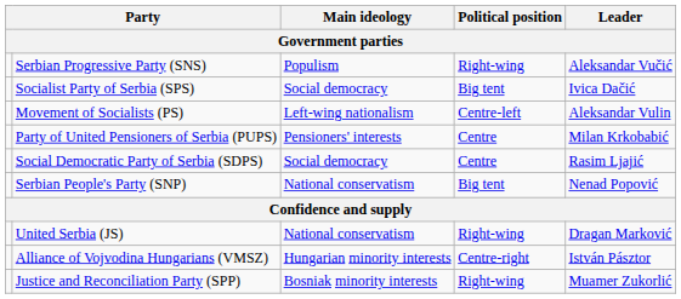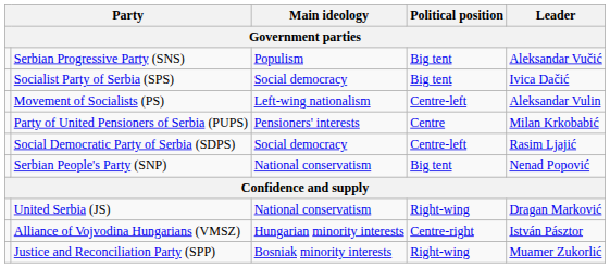 <table class="wikitable" style="font-size:95%">
 <tr>
 <th colspan="2">Party</th>
 <th>Main ideology</th>
 <th>Political position</th>
 <th>Leader</th>
 </tr>
 <tr>
 <th colspan="5">Government parties</th>
 </tr>
 <tr>
 <td style="background:"></td>
 <td><a href='#'>Serbian Progressive Party</a> (SNS)</td>
 <td><a href='#'>Populism</a></td>
-<td><a href='#'>Right-wing</a></td>
+<td><a href='#'>Big tent</a></td>
 <td><a href='#'>Aleksandar Vučić</a></td>
 </tr>
 <tr>
 <td style="background:"></td>
 <td><a href='#'>Socialist Party of Serbia</a> (SPS)</td>
 <td><a href='#'>Social democracy</a></td>
 <td><a href='#'>Big tent</a></td>
 <td><a href='#'>Ivica Dačić</a></td>
 </tr>
 <tr>
 <td style="background:"></td>
 <td><a href='#'>Movement of Socialists</a> (PS)</td>
 <td><a href='#'>Left-wing nationalism</a></td>
 <td><a href='#'>Centre-left</a></td>
 <td><a href='#'>Aleksandar Vulin</a></td>
 </tr>
 <tr>
 <td style="background:"></td>
 <td><a href='#'>Party of United Pensioners of Serbia</a> (PUPS)</td>
 <td><a href='#'>Pensioners' interests</a></td>
 <td><a href='#'>Centre</a></td>
 <td><a href='#'>Milan Krkobabić</a></td>
 </tr>
 <tr>
 <td style="background:"></td>
 <td><a href='#'>Social Democratic Party of Serbia</a> (SDPS)</td>
 <td><a href='#'>Social democracy</a></td>
-<td><a href='#'>Centre</a></td>
+<td><a href='#'>Centre-left</a></td>
 <td><a href='#'>Rasim Ljajić</a></td>
 </tr>
 <tr>
 <td style="background:"></td>
 <td><a href='#'>Serbian People's Party</a> (SNP)</td>
 <td><a href='#'>National conservatism</a></td>
 <td><a href='#'>Big tent</a></td>
 <td><a href='#'>Nenad Popović</a></td>
 </tr>
 <tr>
 <th colspan="5">Confidence and supply</th>
 </tr>
 <tr>
 <td style="background:"></td>
 <td><a href='#'>United Serbia</a> (JS)</td>
 <td><a href='#'>National conservatism</a></td>
 <td><a href='#'>Right-wing</a></td>
 <td><a href='#'>Dragan Marković</a></td>
 </tr>
 <tr>
 <td style="background:"></td>
 <td><a href='#'>Alliance of Vojvodina Hungarians</a> (VMSZ)</td>
 <td><a href='#'>Hungarian</a> <a href='#'>minority interests</a></td>
 <td><a href='#'>Centre-right</a></td>
 <td><a href='#'>István Pásztor</a></td>
 </tr>
 <tr>
 <td style="background:"></td>
 <td><a href='#'>Justice and Reconciliation Party</a> (SPP)</td>
 <td><a href='#'>Bosniak</a> <a href='#'>minority interests</a></td>
 <td><a href='#'>Right-wing</a></td>
 <td><a href='#'>Muamer Zukorlić</a></td>
 </tr>
 </table>
